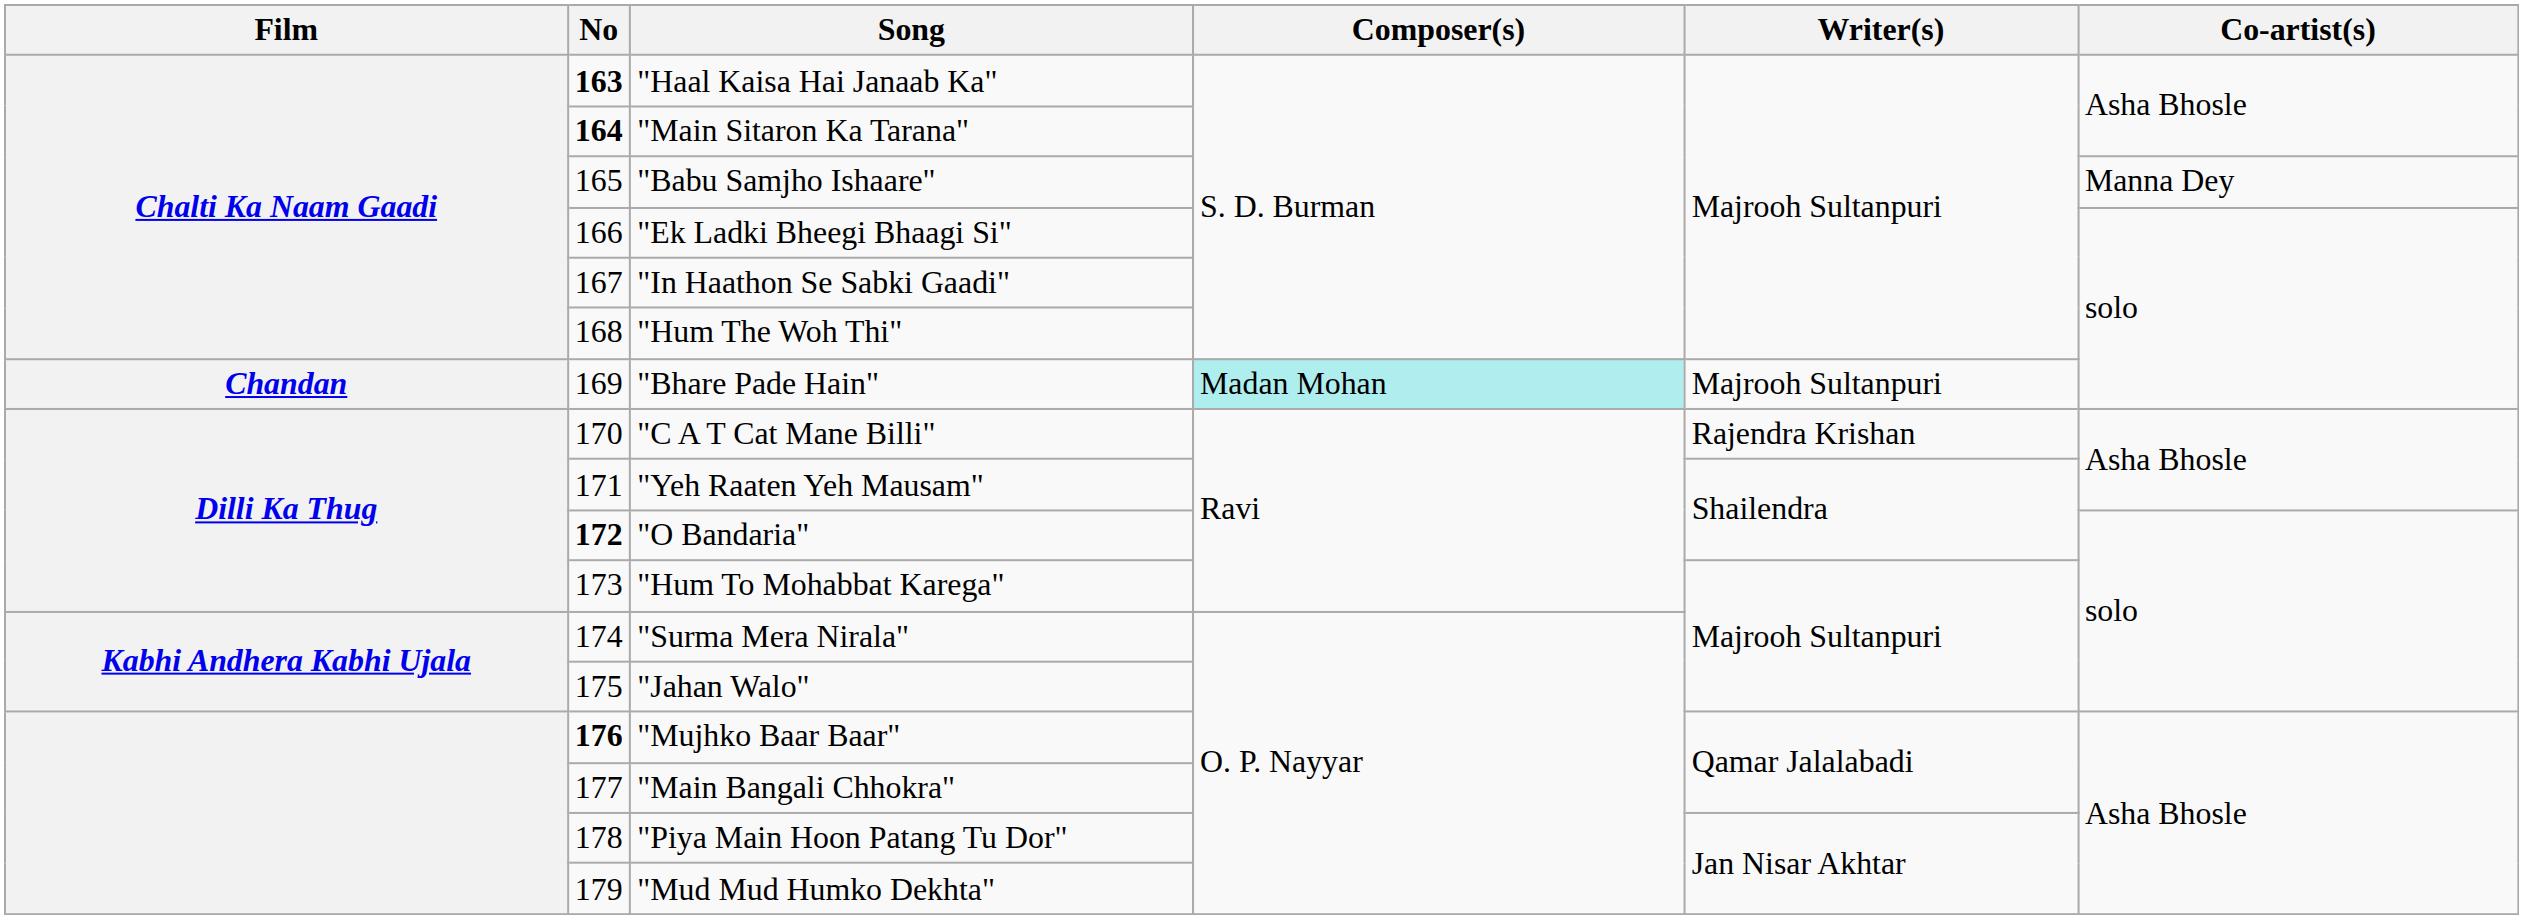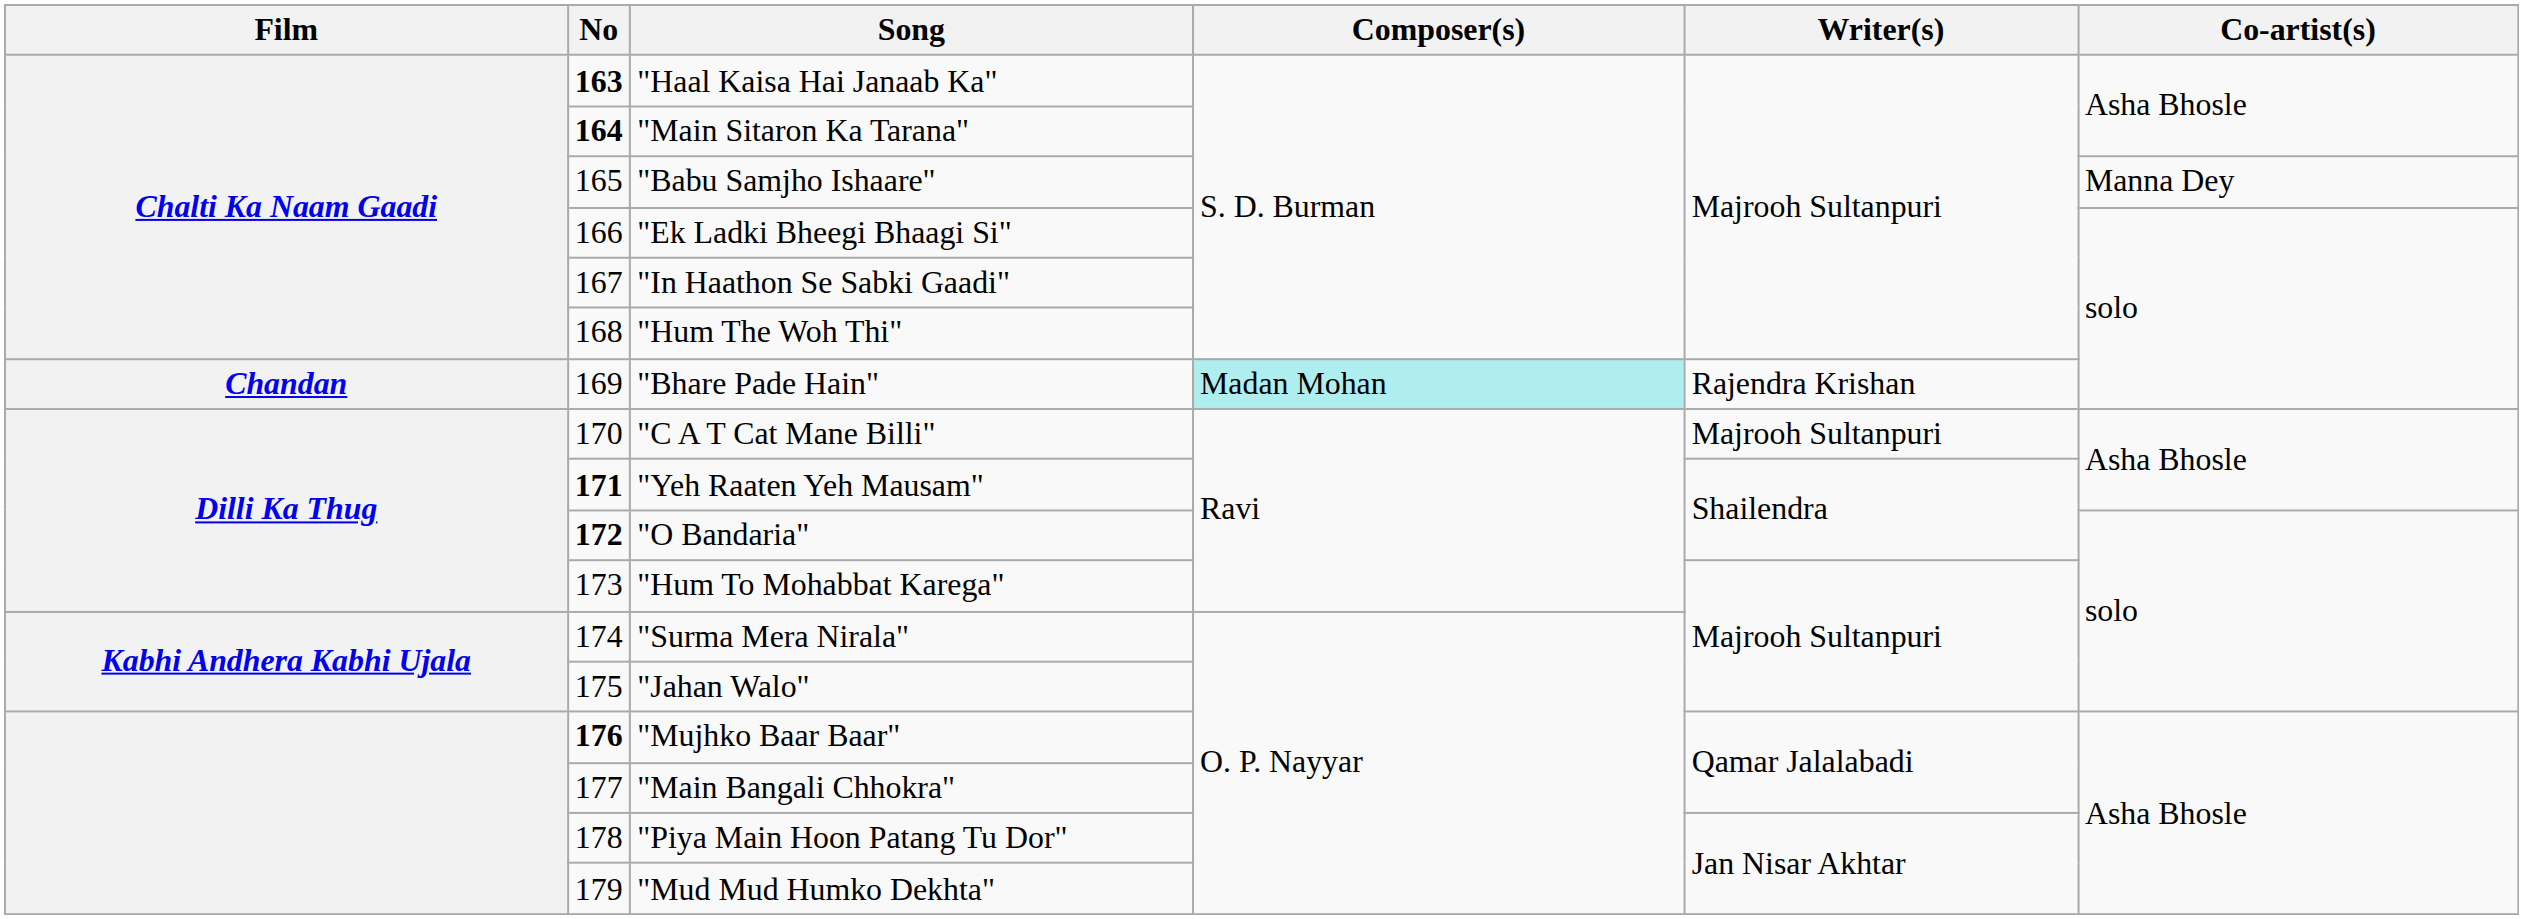 <table class="wikitable plainrowheaders" width="100%" textcolor:#000;">
 <tr style="background:#b0e0e66;">
 <th scope="col" width=23%><strong>Film</strong></th>
 <th><strong>No</strong></th>
 <th scope="col" width=23%><strong>Song</strong></th>
 <th scope="col" width=20%><strong>Composer(s)</strong></th>
 <th scope="col" width=16%><strong>Writer(s)</strong></th>
 <th scope="col" width=18%><strong>Co-artist(s)</strong></th>
 </tr>
 <tr>
 <th rowspan=6><em><a href='#'>Chalti Ka Naam Gaadi</a></em></th>
 <td><strong>163</strong></td>
 <td>"Haal Kaisa Hai Janaab Ka"</td>
 <td rowspan=6>S. D. Burman</td>
 <td rowspan=6>Majrooh Sultanpuri</td>
 <td rowspan=2>Asha Bhosle</td>
 </tr>
 <tr>
 <td><strong>164</strong></td>
 <td>"Main Sitaron Ka Tarana"</td>
 </tr>
 <tr>
 <td>165</td>
 <td>"Babu Samjho Ishaare"</td>
 <td>Manna Dey</td>
 </tr>
 <tr>
 <td>166</td>
 <td>"Ek Ladki Bheegi Bhaagi Si"</td>
 <td rowspan=4>solo</td>
 </tr>
 <tr>
 <td>167</td>
 <td>"In Haathon Se Sabki Gaadi"</td>
 </tr>
 <tr>
 <td>168</td>
 <td>"Hum The Woh Thi"</td>
 </tr>
 <tr>
 <th><em><a href='#'>Chandan</a></em></th>
 <td>169</td>
 <td>"Bhare Pade Hain"</td>
 <td style="background: paleturquoise;">Madan Mohan</td>
-<td>Majrooh Sultanpuri</td>
+<td>Rajendra Krishan</td>
 </tr>
 <tr>
 <th rowspan=4><em><a href='#'>Dilli Ka Thug</a></em></th>
 <td>170</td>
 <td>"C A T Cat Mane Billi"</td>
 <td rowspan=4>Ravi</td>
-<td>Rajendra Krishan</td>
+<td>Majrooh Sultanpuri</td>
 <td rowspan=2>Asha Bhosle</td>
 </tr>
 <tr>
-<td>171</td>
+<td><strong>171</strong></td>
 <td>"Yeh Raaten Yeh Mausam"</td>
 <td rowspan=2>Shailendra</td>
 </tr>
 <tr>
 <td><strong>172</strong></td>
 <td>"O Bandaria"</td>
 <td rowspan=4>solo</td>
 </tr>
 <tr>
 <td>173</td>
 <td>"Hum To Mohabbat Karega"</td>
 <td rowspan=3>Majrooh Sultanpuri</td>
 </tr>
 <tr>
 <th rowspan=2><em><a href='#'>Kabhi Andhera Kabhi Ujala</a></em></th>
 <td>174</td>
 <td>"Surma Mera Nirala"</td>
 <td rowspan=6>O. P. Nayyar</td>
 </tr>
 <tr>
 <td>175</td>
 <td>"Jahan Walo"</td>
 </tr>
 <tr>
 <th rowspan=4><em></em></th>
 <td><strong>176</strong></td>
 <td>"Mujhko Baar Baar"</td>
 <td rowspan=2>Qamar Jalalabadi</td>
 <td rowspan=4>Asha Bhosle</td>
 </tr>
 <tr>
 <td>177</td>
 <td>"Main Bangali Chhokra"</td>
 </tr>
 <tr>
 <td>178</td>
 <td>"Piya Main Hoon Patang Tu Dor"</td>
 <td rowspan=2>Jan Nisar Akhtar</td>
 </tr>
 <tr>
 <td>179</td>
 <td>"Mud Mud Humko Dekhta"</td>
 </tr>
 <tr>
 </tr>
 </table>
